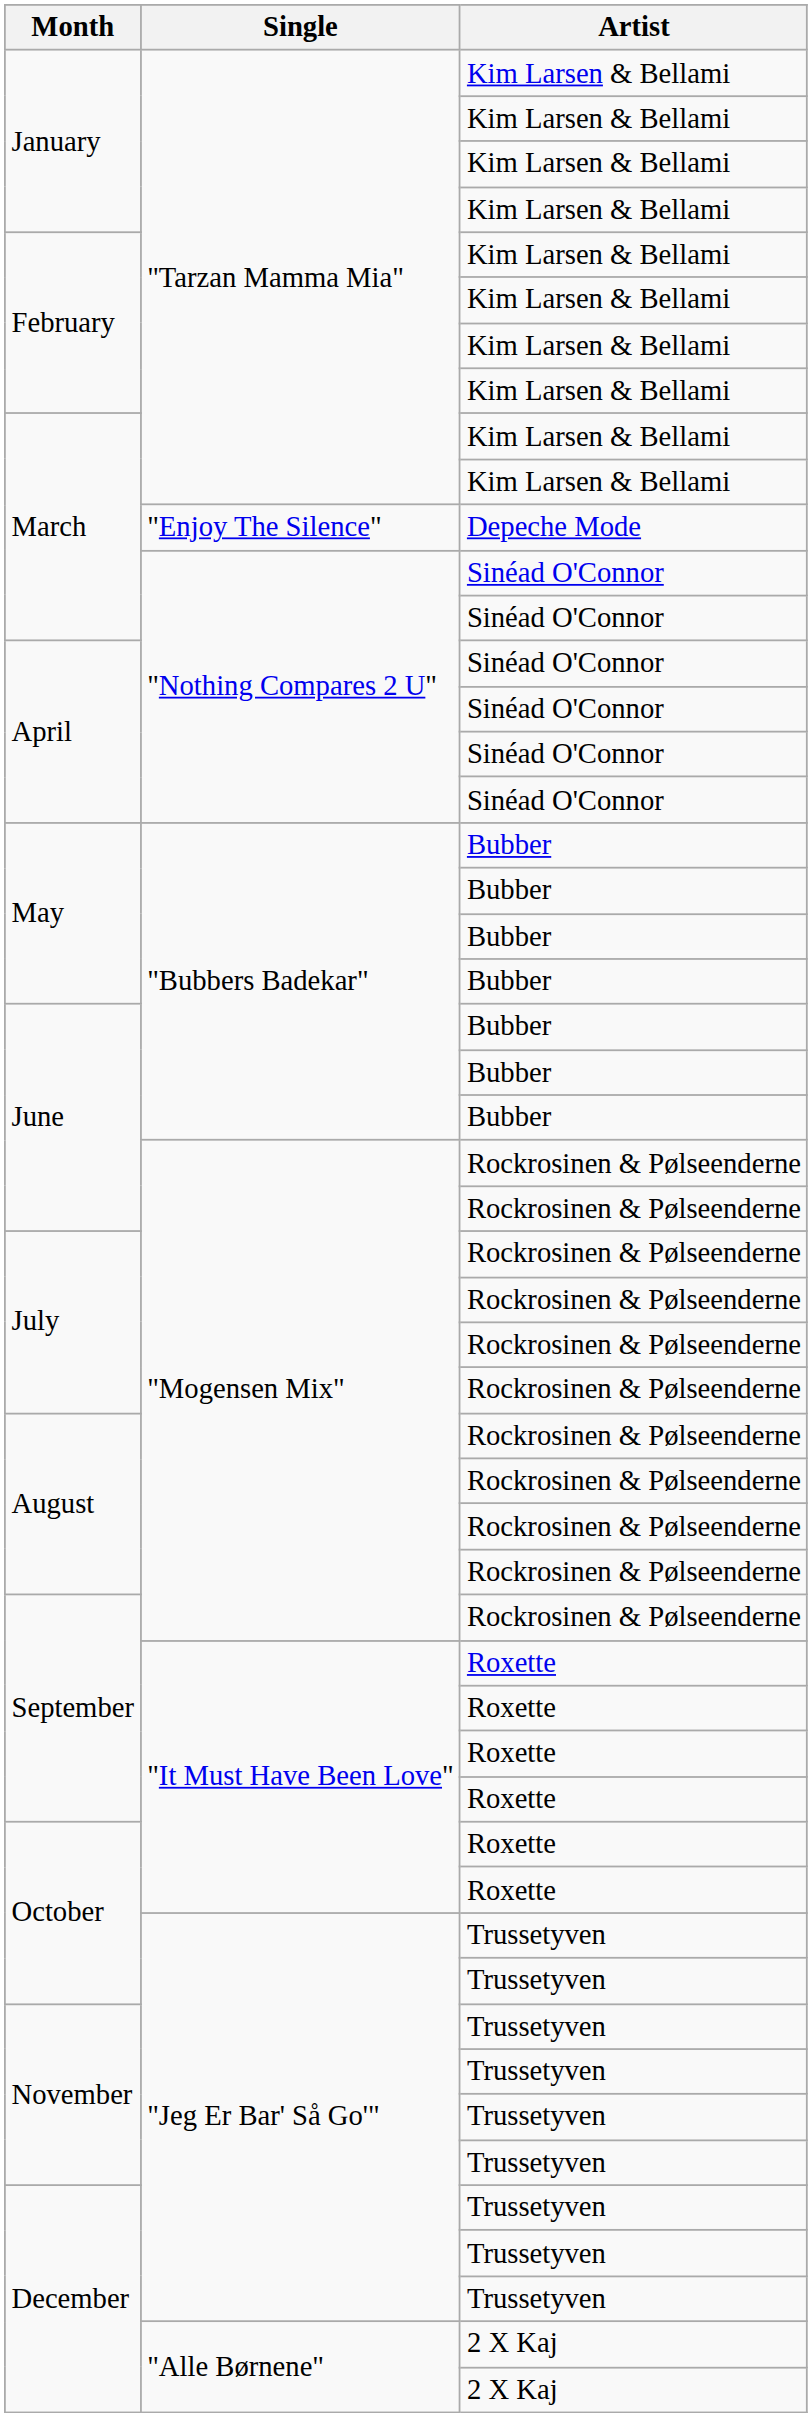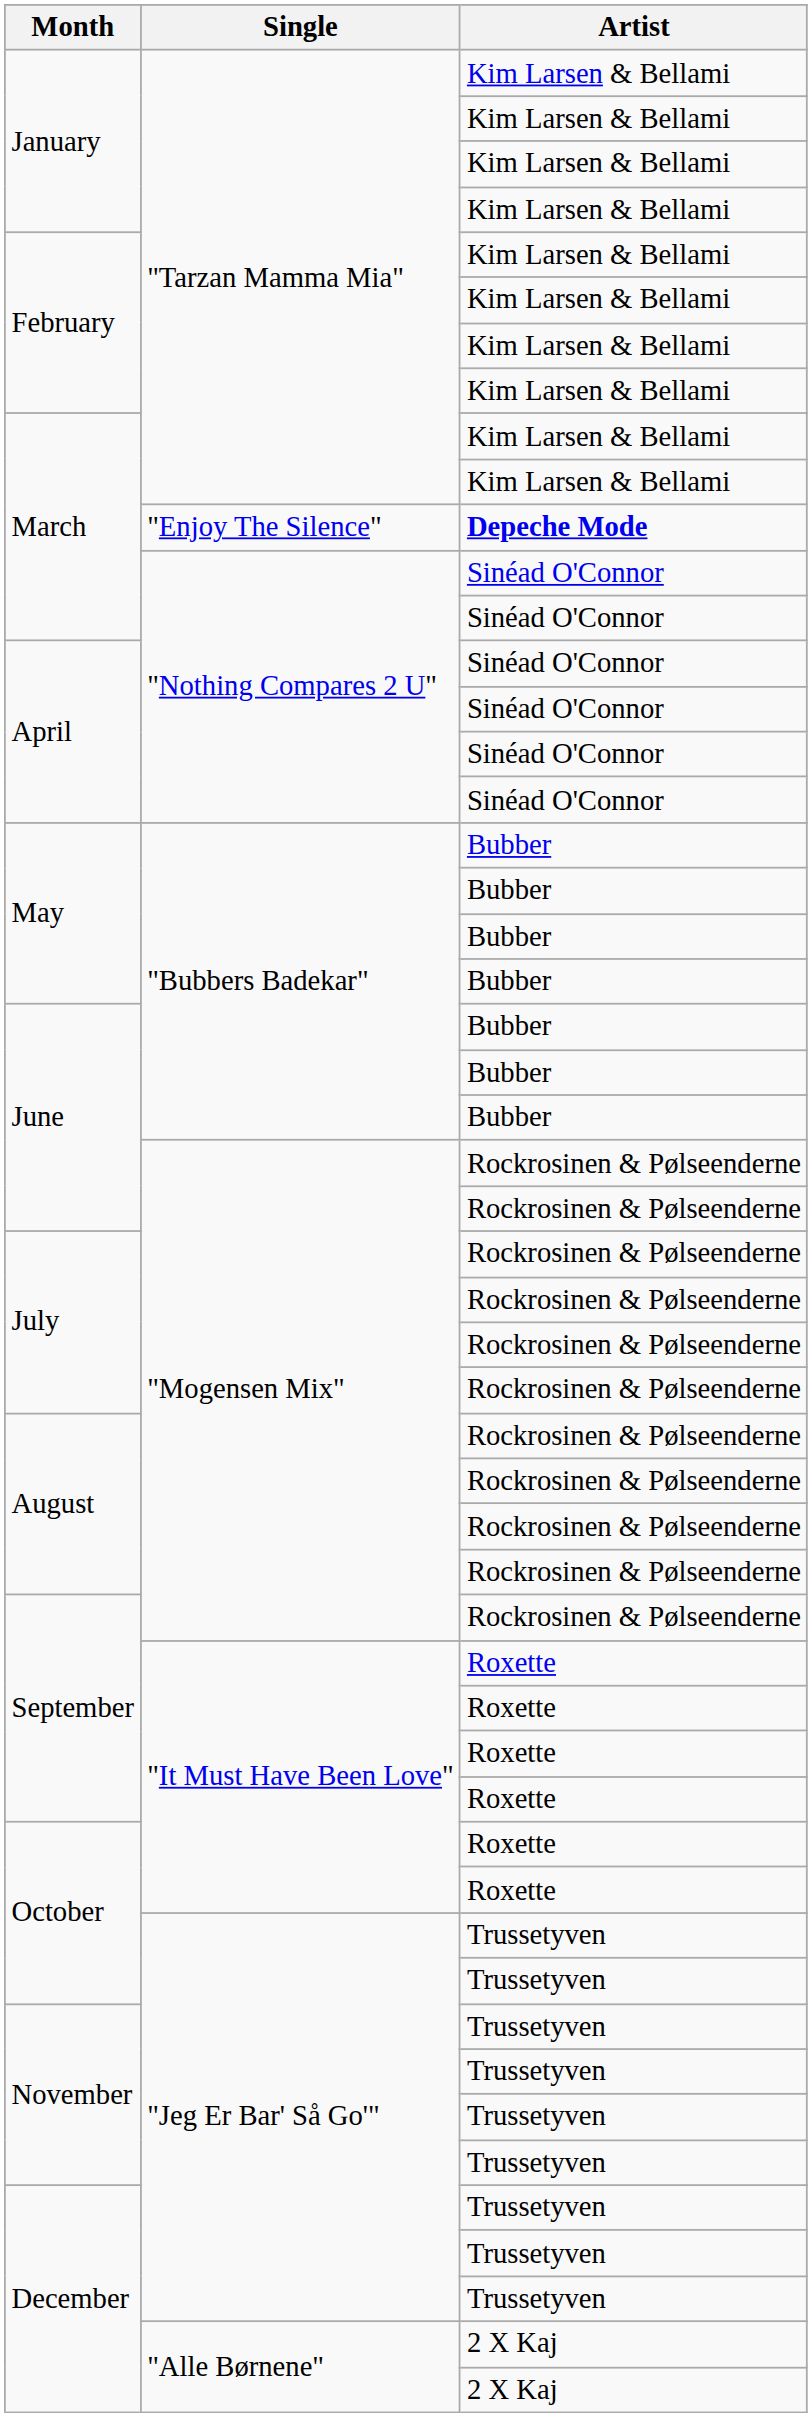 <table class="wikitable plainrowheaders">
 <tr>
 <th>Month</th>
 <th>Single</th>
 <th>Artist</th>
 </tr>
 <tr>
 <td rowspan="4">January</td>
 <td rowspan="10">"Tarzan Mamma Mia"</td>
 <td><a href='#'>Kim Larsen</a> & Bellami</td>
 </tr>
 <tr>
 <td>Kim Larsen & Bellami</td>
 </tr>
 <tr>
 <td>Kim Larsen & Bellami</td>
 </tr>
 <tr>
 <td>Kim Larsen & Bellami</td>
 </tr>
 <tr>
 <td rowspan="4">February</td>
 <td>Kim Larsen & Bellami</td>
 </tr>
 <tr>
 <td>Kim Larsen & Bellami</td>
 </tr>
 <tr>
 <td>Kim Larsen & Bellami</td>
 </tr>
 <tr>
 <td>Kim Larsen & Bellami</td>
 </tr>
 <tr>
 <td rowspan="5">March</td>
 <td>Kim Larsen & Bellami</td>
 </tr>
 <tr>
 <td>Kim Larsen & Bellami</td>
 </tr>
 <tr>
 <td>"<a href='#'>Enjoy The Silence</a>"</td>
-<td><a href='#'>Depeche Mode</a></td>
+<td><strong><a href='#'>Depeche Mode</a></strong></td>
 </tr>
 <tr>
 <td rowspan="6">"<a href='#'>Nothing Compares 2 U</a>"</td>
 <td><a href='#'>Sinéad O'Connor</a></td>
 </tr>
 <tr>
 <td>Sinéad O'Connor</td>
 </tr>
 <tr>
 <td rowspan="4">April</td>
 <td>Sinéad O'Connor</td>
 </tr>
 <tr>
 <td>Sinéad O'Connor</td>
 </tr>
 <tr>
 <td>Sinéad O'Connor</td>
 </tr>
 <tr>
 <td>Sinéad O'Connor</td>
 </tr>
 <tr>
 <td rowspan="4">May</td>
 <td rowspan="7">"Bubbers Badekar"</td>
 <td><a href='#'>Bubber</a></td>
 </tr>
 <tr>
 <td>Bubber</td>
 </tr>
 <tr>
 <td>Bubber</td>
 </tr>
 <tr>
 <td>Bubber</td>
 </tr>
 <tr>
 <td rowspan="5">June</td>
 <td>Bubber</td>
 </tr>
 <tr>
 <td>Bubber</td>
 </tr>
 <tr>
 <td>Bubber</td>
 </tr>
 <tr>
 <td rowspan="11">"Mogensen Mix"</td>
 <td>Rockrosinen & Pølseenderne</td>
 </tr>
 <tr>
 <td>Rockrosinen & Pølseenderne</td>
 </tr>
 <tr>
 <td rowspan="4">July</td>
 <td>Rockrosinen & Pølseenderne</td>
 </tr>
 <tr>
 <td>Rockrosinen & Pølseenderne</td>
 </tr>
 <tr>
 <td>Rockrosinen & Pølseenderne</td>
 </tr>
 <tr>
 <td>Rockrosinen & Pølseenderne</td>
 </tr>
 <tr>
 <td rowspan="4">August</td>
 <td>Rockrosinen & Pølseenderne</td>
 </tr>
 <tr>
 <td>Rockrosinen & Pølseenderne</td>
 </tr>
 <tr>
 <td>Rockrosinen & Pølseenderne</td>
 </tr>
 <tr>
 <td>Rockrosinen & Pølseenderne</td>
 </tr>
 <tr>
 <td rowspan="5">September</td>
 <td>Rockrosinen & Pølseenderne</td>
 </tr>
 <tr>
 <td rowspan="6">"<a href='#'>It Must Have Been Love</a>"</td>
 <td><a href='#'>Roxette</a></td>
 </tr>
 <tr>
 <td>Roxette</td>
 </tr>
 <tr>
 <td>Roxette</td>
 </tr>
 <tr>
 <td>Roxette</td>
 </tr>
 <tr>
 <td rowspan="4">October</td>
 <td>Roxette</td>
 </tr>
 <tr>
 <td>Roxette</td>
 </tr>
 <tr>
 <td rowspan="9">"Jeg Er Bar' Så Go'"</td>
 <td>Trussetyven</td>
 </tr>
 <tr>
 <td>Trussetyven</td>
 </tr>
 <tr>
 <td rowspan="4">November</td>
 <td>Trussetyven</td>
 </tr>
 <tr>
 <td>Trussetyven</td>
 </tr>
 <tr>
 <td>Trussetyven</td>
 </tr>
 <tr>
 <td>Trussetyven</td>
 </tr>
 <tr>
 <td rowspan="5">December</td>
 <td>Trussetyven</td>
 </tr>
 <tr>
 <td>Trussetyven</td>
 </tr>
 <tr>
 <td>Trussetyven</td>
 </tr>
 <tr>
 <td rowspan="2">"Alle Børnene"</td>
 <td>2 X Kaj</td>
 </tr>
 <tr>
 <td>2 X Kaj</td>
 </tr>
 </table>
